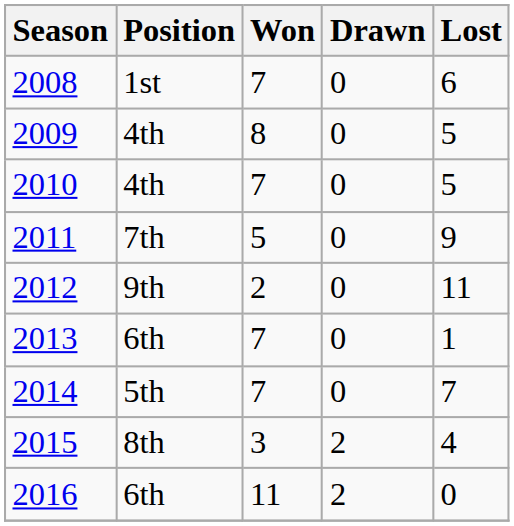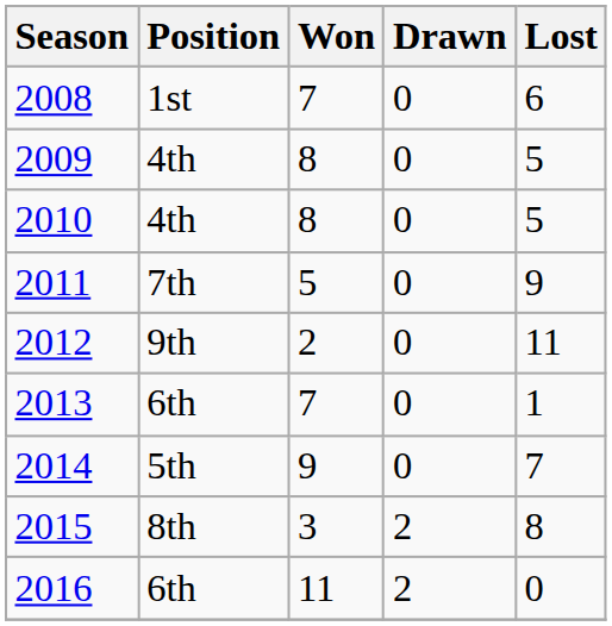 <table class="wikitable collapsible">
 <tr>
 <th>Season</th>
 <th>Position</th>
 <th>Won</th>
 <th>Drawn</th>
 <th>Lost</th>
 </tr>
 <tr>
 <td><a href='#'>2008</a></td>
 <td>1st</td>
 <td>7</td>
 <td>0</td>
 <td>6</td>
 </tr>
 <tr>
 <td><a href='#'>2009</a></td>
 <td>4th</td>
 <td>8</td>
 <td>0</td>
 <td>5</td>
 </tr>
 <tr>
 <td><a href='#'>2010</a></td>
 <td>4th</td>
-<td>7</td>
+<td>8</td>
 <td>0</td>
 <td>5</td>
 </tr>
 <tr>
 <td><a href='#'>2011</a></td>
 <td>7th</td>
 <td>5</td>
 <td>0</td>
 <td>9</td>
 </tr>
 <tr>
 <td><a href='#'>2012</a></td>
 <td>9th</td>
 <td>2</td>
 <td>0</td>
 <td>11</td>
 </tr>
 <tr>
 <td><a href='#'>2013</a></td>
 <td>6th</td>
 <td>7</td>
 <td>0</td>
 <td>1</td>
 </tr>
 <tr>
 <td><a href='#'>2014</a></td>
 <td>5th</td>
-<td>7</td>
+<td>9</td>
 <td>0</td>
 <td>7</td>
 </tr>
 <tr>
 <td><a href='#'>2015</a></td>
 <td>8th</td>
 <td>3</td>
 <td>2</td>
-<td>4</td>
+<td>8</td>
 </tr>
 <tr style="background-color:#">
 <td><a href='#'>2016</a></td>
 <td>6th</td>
 <td>11</td>
 <td>2</td>
 <td>0</td>
 </tr>
 <tr>
 </tr>
 </table>
